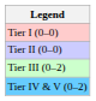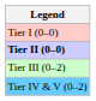 <table class=wikitable style="font-size:90%">
 <tr>
 <th>Legend</th>
 </tr>
 <tr>
 <td bgcolor=ffcccc>Tier I (0–0)</td>
 </tr>
 <tr>
-<td bgcolor=ccccff>Tier II (0–0)</td>
+<td bgcolor=ccccff><strong>Tier II (0–0)</strong></td>
 </tr>
 <tr>
 <td bgcolor=CCFFCC>Tier III (0–2)</td>
 </tr>
 <tr>
 <td bgcolor=66CCFF>Tier IV & V (0–2)</td>
 </tr>
 </table>
